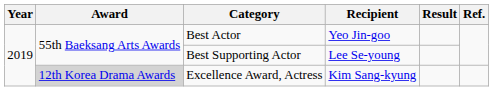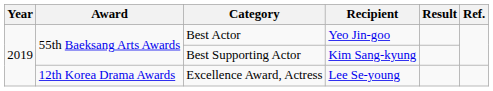 <table class="wikitable">
 <tr>
 <th>Year</th>
 <th>Award</th>
 <th>Category</th>
 <th>Recipient</th>
 <th>Result</th>
 <th>Ref.</th>
 </tr>
 <tr>
 <td rowspan=3>2019</td>
 <td rowspan=2>55th <a href='#'>Baeksang Arts Awards</a></td>
 <td>Best Actor</td>
 <td><a href='#'>Yeo Jin-goo</a></td>
 <td></td>
 <td rowspan=2></td>
 </tr>
 <tr>
 <td>Best Supporting Actor</td>
-<td><a href='#'>Lee Se-young</a></td>
+<td><a href='#'>Kim Sang-kyung</a></td>
 <td></td>
 </tr>
 <tr>
-<td style="background: lightgrey;"><a href='#'>12th Korea Drama Awards</a></td>
+<td><a href='#'>12th Korea Drama Awards</a></td>
 <td>Excellence Award, Actress</td>
-<td><a href='#'>Kim Sang-kyung</a></td>
+<td><a href='#'>Lee Se-young</a></td>
 <td></td>
 <td></td>
 </tr>
 </table>
